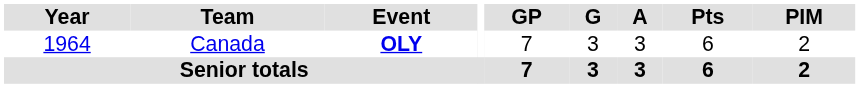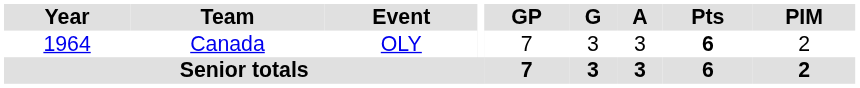 <table border="0" cellpadding="1" cellspacing="0" ID="Table3" style="text-align:center; width:40em">
 <tr bgcolor="#e0e0e0">
 <th>Year</th>
 <th>Team</th>
 <th>Event</th>
 <th rowspan="102" bgcolor="#ffffff"></th>
 <th>GP</th>
 <th>G</th>
 <th>A</th>
 <th>Pts</th>
 <th>PIM</th>
 </tr>
 <tr>
 <td><a href='#'>1964</a></td>
 <td><a href='#'>Canada</a></td>
-<td><strong><a href='#'>OLY</a></strong></td>
+<td><a href='#'>OLY</a></td>
 <td>7</td>
 <td>3</td>
 <td>3</td>
-<td>6</td>
+<td><strong>6</strong></td>
 <td>2</td>
 </tr>
 <tr bgcolor="#e0e0e0">
 <th colspan="4">Senior totals</th>
 <th>7</th>
 <th>3</th>
 <th>3</th>
 <th>6</th>
 <th>2</th>
 </tr>
 </table>
